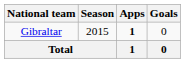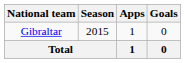 <table class="wikitable" style="text-align: center">
 <tr>
 <th>National team</th>
 <th>Season</th>
 <th>Apps</th>
 <th>Goals</th>
 </tr>
 <tr>
 <td><a href='#'>Gibraltar</a></td>
 <td>2015</td>
-<td><strong>1</strong></td>
+<td>1</td>
 <td>0</td>
 </tr>
 <tr>
 <th colspan="2">Total</th>
 <th>1</th>
 <th>0</th>
 </tr>
 </table>
